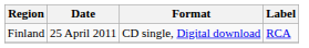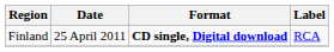 <table class=wikitable>
 <tr>
 <th>Region</th>
 <th>Date</th>
 <th>Format</th>
 <th>Label</th>
 </tr>
 <tr>
 <td>Finland</td>
 <td>25 April 2011</td>
-<td>CD single, <a href='#'>Digital download</a></td>
+<td><strong>CD single, <a href='#'>Digital download</a></strong></td>
 <td><a href='#'>RCA</a></td>
 </tr>
 <tr>
 </tr>
 </table>
